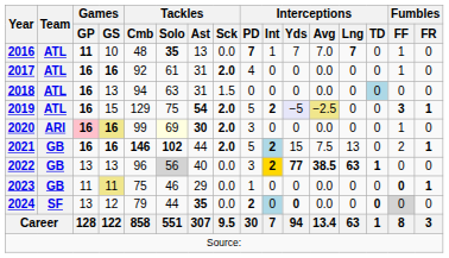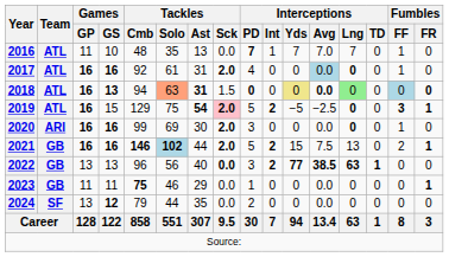 <table class="wikitable" style="text-align: center;">
 <tr>
 <th rowspan="2">Year</th>
 <th rowspan="2">Team</th>
 <th colspan="2">Games</th>
 <th colspan="4">Tackles</th>
 <th colspan="6">Interceptions</th>
 <th colspan="2">Fumbles</th>
 </tr>
 <tr>
 <th>GP</th>
 <th>GS</th>
 <th>Cmb</th>
 <th>Solo</th>
 <th>Ast</th>
 <th>Sck</th>
 <th>PD</th>
 <th>Int</th>
 <th>Yds</th>
 <th>Avg</th>
 <th>Lng</th>
 <th>TD</th>
 <th>FF</th>
 <th>FR</th>
 </tr>
 <tr>
 <th><a href='#'>2016</a></th>
 <th><a href='#'>ATL</a></th>
-<td><strong>11</strong></td>
+<td>11</td>
 <td>10</td>
 <td>48</td>
-<td><strong>35</strong></td>
+<td>35</td>
 <td>13</td>
 <td>0.0</td>
 <td><strong>7</strong></td>
 <td>1</td>
 <td>7</td>
 <td>7.0</td>
-<td><strong>7</strong></td>
+<td>7</td>
 <td>0</td>
 <td>1</td>
 <td>0</td>
 </tr>
 <tr>
 <th><a href='#'>2017</a></th>
 <th><a href='#'>ATL</a></th>
 <td><strong>16</strong></td>
 <td><strong>16</strong></td>
 <td>92</td>
 <td>61</td>
 <td>31</td>
 <td><strong>2.0</strong></td>
 <td>4</td>
 <td>0</td>
 <td>0</td>
-<td>0.0</td>
-<td>0</td>
+<td style="background: lightblue;">0.0</td>
+<td><strong>0</strong></td>
 <td>0</td>
 <td>1</td>
 <td>0</td>
 </tr>
 <tr>
 <th><a href='#'>2018</a></th>
 <th><a href='#'>ATL</a></th>
 <td><strong>16</strong></td>
-<td>13</td>
+<td><strong>13</strong></td>
 <td>94</td>
-<td>63</td>
-<td>31</td>
+<td style="background: lightsalmon;">63</td>
+<td><strong>31</strong></td>
 <td>1.5</td>
+<td><strong>0</strong></td>
 <td>0</td>
-<td>0</td>
-<td>0</td>
-<td>0.0</td>
+<td style="background: khaki;">0</td>
+<td><strong>0.0</strong></td>
+<td style="background: lightgreen;">0</td>
 <td>0</td>
 <td style="background: lightblue;">0</td>
-<td>0</td>
-<td>0</td>
+<td><strong>0</strong></td>
 </tr>
 <tr>
 <th><a href='#'>2019</a></th>
 <th><a href='#'>ATL</a></th>
 <td><strong>16</strong></td>
 <td>15</td>
 <td>129</td>
 <td>75</td>
 <td><strong>54</strong></td>
-<td><strong>2.0</strong></td>
+<td style="background: pink;"><strong>2.0</strong></td>
 <td>5</td>
 <td><strong>2</strong></td>
-<td style="background: lavender;">−5</td>
-<td style="background: khaki;">−2.5</td>
-<td>0</td>
+<td>−5</td>
+<td>−2.5</td>
+<td><strong>0</strong></td>
 <td>0</td>
 <td><strong>3</strong></td>
 <td><strong>1</strong></td>
 </tr>
 <tr>
 <th><a href='#'>2020</a></th>
 <th><a href='#'>ARI</a></th>
-<td style="background: pink;"><strong>16</strong></td>
-<td style="background: khaki;"><strong>16</strong></td>
+<td><strong>16</strong></td>
+<td><strong>16</strong></td>
 <td>99</td>
-<td style="background: lightyellow;">69</td>
-<td><strong>30</strong></td>
+<td>69</td>
+<td>30</td>
 <td><strong>2.0</strong></td>
 <td>3</td>
 <td>0</td>
 <td>0</td>
 <td>0.0</td>
-<td>0</td>
+<td><strong>0</strong></td>
 <td>0</td>
 <td>1</td>
 <td>0</td>
 </tr>
 <tr>
 <th><a href='#'>2021</a></th>
 <th><a href='#'>GB</a></th>
 <td><strong>16</strong></td>
 <td><strong>16</strong></td>
 <td><strong>146</strong></td>
-<td><strong>102</strong></td>
+<td style="background: lightblue;"><strong>102</strong></td>
 <td>44</td>
 <td><strong>2.0</strong></td>
 <td>5</td>
-<td style="background: lightblue;"><strong>2</strong></td>
+<td><strong>2</strong></td>
 <td>15</td>
 <td>7.5</td>
 <td>13</td>
 <td>0</td>
 <td>2</td>
 <td><strong>1</strong></td>
 </tr>
 <tr>
 <th><a href='#'>2022</a></th>
 <th><a href='#'>GB</a></th>
 <td>13</td>
 <td>13</td>
 <td>96</td>
-<td style="background: lightgrey;">56</td>
+<td>56</td>
 <td>40</td>
-<td>0.0</td>
+<td><strong>0.0</strong></td>
 <td>3</td>
-<td style="background: gold;"><strong>2</strong></td>
+<td><strong>2</strong></td>
 <td><strong>77</strong></td>
 <td><strong>38.5</strong></td>
 <td><strong>63</strong></td>
 <td><strong>1</strong></td>
 <td>0</td>
 <td>0</td>
 </tr>
 <tr>
 <th><a href='#'>2023</a></th>
 <th><a href='#'>GB</a></th>
 <td>11</td>
-<td style="background: khaki;">11</td>
-<td>75</td>
+<td>11</td>
+<td><strong>75</strong></td>
 <td>46</td>
 <td>29</td>
 <td>0.0</td>
 <td>1</td>
 <td>0</td>
 <td>0</td>
 <td>0.0</td>
 <td>0</td>
 <td>0</td>
-<td><strong>0</strong></td>
+<td>0</td>
 <td><strong>1</strong></td>
 </tr>
 <tr>
 <th><a href='#'>2024</a></th>
 <th><a href='#'>SF</a></th>
 <td>13</td>
-<td>12</td>
+<td><strong>12</strong></td>
 <td>79</td>
 <td>44</td>
-<td><strong>35</strong></td>
+<td>35</td>
 <td>0.0</td>
-<td><strong>2</strong></td>
-<td style="background: lightblue;">0</td>
-<td><strong>0</strong></td>
+<td>2</td>
+<td>0</td>
+<td>0</td>
 <td>0.0</td>
 <td>0</td>
-<td><strong>0</strong></td>
-<td style="background: lightgrey;">0</td>
+<td>0</td>
+<td>0</td>
 <td>0</td>
 </tr>
 <tr>
 <th colspan="2">Career</th>
 <th>128</th>
 <th>122</th>
 <th>858</th>
 <th>551</th>
 <th>307</th>
 <th>9.5</th>
 <th>30</th>
 <th>7</th>
 <th>94</th>
 <th>13.4</th>
 <th>63</th>
 <th>1</th>
 <th>8</th>
 <th>3</th>
 </tr>
 <tr>
 <td colspan="17"><small>Source: </small></td>
 </tr>
 </table>
